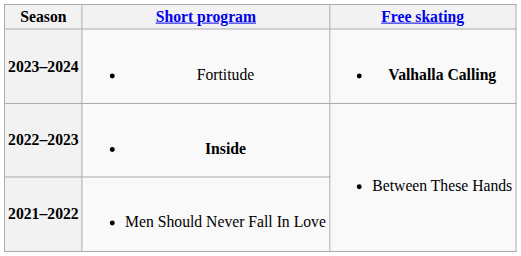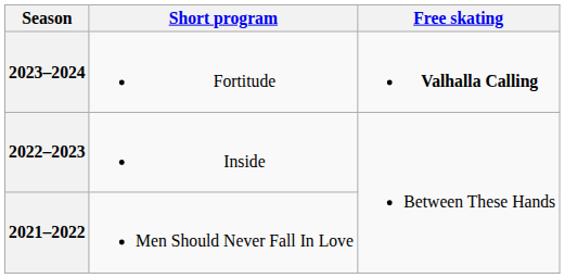 <table class=wikitable style=text-align:center>
 <tr>
 <th>Season</th>
 <th><a href='#'>Short program</a></th>
 <th><a href='#'>Free skating</a></th>
 </tr>
 <tr>
 <th>2023–2024 <br> </th>
 <td><br><ul><li>Fortitude <br> </li></ul></td>
 <td><strong><br><ul><li>Valhalla Calling <br> </li></ul></strong></td>
 </tr>
 <tr>
 <th>2022–2023 <br> </th>
-<td><strong><br><ul><li>Inside <br></li></ul></strong></td>
+<td><br><ul><li>Inside <br></li></ul></td>
 <td rowspan=2><br><ul><li>Between These Hands <br></li></ul></td>
 </tr>
 <tr>
 <th>2021–2022 <br> </th>
 <td><br><ul><li>Men Should Never Fall In Love <br></li></ul></td>
 </tr>
 </table>
